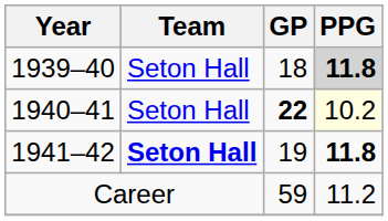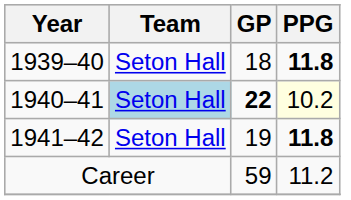 <table class="wikitable sortable" style="font-size:95%; text-align:right;">
 <tr>
 <th>Year</th>
 <th>Team</th>
 <th>GP</th>
 <th>PPG</th>
 </tr>
 <tr>
 <td style="text-align:left;">1939–40</td>
 <td style="text-align:left;"><a href='#'>Seton Hall</a></td>
 <td>18</td>
-<td style="background: lightgrey;"><strong>11.8</strong></td>
+<td><strong>11.8</strong></td>
 </tr>
 <tr>
 <td style="text-align:left;">1940–41</td>
-<td style="text-align:left;"><a href='#'>Seton Hall</a></td>
+<td style="background: lightblue; text-align:left;"><a href='#'>Seton Hall</a></td>
 <td><strong>22</strong></td>
 <td style="background: lightyellow;">10.2</td>
 </tr>
 <tr>
 <td style="text-align:left;">1941–42</td>
-<td style="text-align:left;"><strong><a href='#'>Seton Hall</a></strong></td>
+<td style="text-align:left;"><a href='#'>Seton Hall</a></td>
 <td>19</td>
 <td><strong>11.8</strong></td>
 </tr>
 <tr>
 <td style="text-align:center;" colspan="2">Career</td>
 <td>59</td>
 <td>11.2</td>
 </tr>
 <tr>
 </tr>
 </table>
